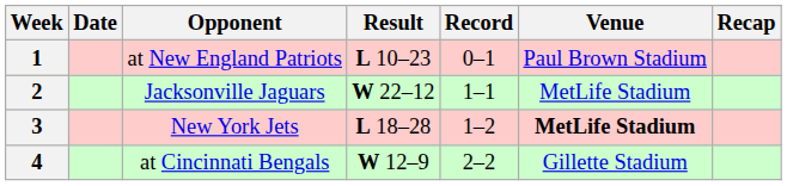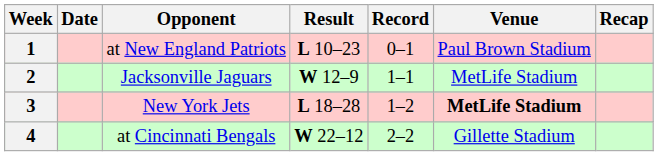 <table class="wikitable" style="text-align:center">
 <tr>
 <th>Week</th>
 <th>Date</th>
 <th>Opponent</th>
 <th>Result</th>
 <th>Record</th>
 <th>Venue</th>
 <th>Recap</th>
 </tr>
 <tr style="background:#fcc">
 <th>1</th>
 <td></td>
 <td>at <a href='#'>New England Patriots</a></td>
 <td><strong>L</strong> 10–23</td>
 <td>0–1</td>
 <td><a href='#'>Paul Brown Stadium</a></td>
 <td></td>
 </tr>
 <tr style="background:#cfc">
 <th>2</th>
 <td></td>
 <td><a href='#'>Jacksonville Jaguars</a></td>
-<td><strong>W</strong> 22–12</td>
+<td><strong>W</strong> 12–9</td>
 <td>1–1</td>
 <td><a href='#'>MetLife Stadium</a></td>
 <td></td>
 </tr>
 <tr style="background:#fcc">
 <th>3</th>
 <td></td>
 <td><a href='#'>New York Jets</a></td>
 <td><strong>L</strong> 18–28</td>
 <td>1–2</td>
 <td><strong>MetLife Stadium</strong></td>
 <td></td>
 </tr>
 <tr style="background:#cfc">
 <th>4</th>
 <td></td>
 <td>at <a href='#'>Cincinnati Bengals</a></td>
-<td><strong>W</strong> 12–9</td>
+<td><strong>W</strong> 22–12</td>
 <td>2–2</td>
 <td><a href='#'>Gillette Stadium</a></td>
 <td></td>
 </tr>
 </table>
